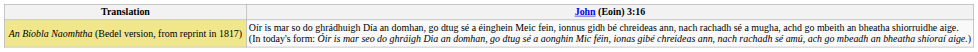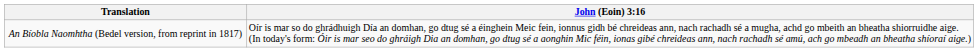 <table class="wikitable">
 <tr>
 <th style="text-align:center; width:25%;">Translation</th>
 <th><a href='#'>John</a> (Eoin) 3:16</th>
 </tr>
 <tr>
-<td style="background: khaki; text-align:center;"><em>An Bíobla Naomhtha</em> (Bedel version, from reprint in 1817)</td>
+<td style="text-align:center;"><em>An Bíobla Naomhtha</em> (Bedel version, from reprint in 1817)</td>
 <td>Oír is mar so do ghrádhuigh Día an domhan, go dtug sé a éinghein Meic fein, ionnus gidh bé chreideas ann, nach rachadh sé a mugha, achd go mbeith an bheatha shiorruidhe aige.<br>(In today's form: <em>Óir is mar seo do ghráigh Dia an domhan, go dtug sé a aonghin Mic féin, ionas gibé chreideas ann, nach rachadh sé amú, ach go mbeadh an bheatha shíoraí aige.</em>)</td>
 </tr>
 </table>
